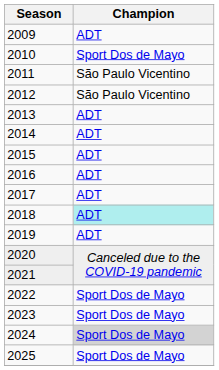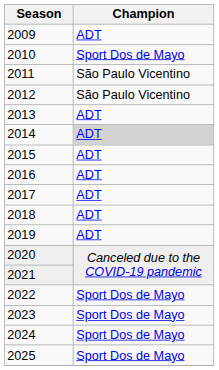 <table class="wikitable sortable">
 <tr>
 <th width=80px>Season</th>
 <th width=170px>Champion</th>
 </tr>
 <tr>
 <td>2009</td>
 <td><a href='#'>ADT</a></td>
 </tr>
 <tr>
 <td>2010</td>
 <td><a href='#'>Sport Dos de Mayo</a></td>
 </tr>
 <tr>
 <td>2011</td>
 <td>São Paulo Vicentino</td>
 </tr>
 <tr>
 <td>2012</td>
 <td>São Paulo Vicentino</td>
 </tr>
 <tr>
 <td>2013</td>
 <td><a href='#'>ADT</a></td>
 </tr>
 <tr>
 <td>2014</td>
-<td><a href='#'>ADT</a></td>
+<td style="background: lightgrey;"><a href='#'>ADT</a></td>
 </tr>
 <tr>
 <td>2015</td>
 <td><a href='#'>ADT</a></td>
 </tr>
 <tr>
 <td>2016</td>
 <td><a href='#'>ADT</a></td>
 </tr>
 <tr>
 <td>2017</td>
 <td><a href='#'>ADT</a></td>
 </tr>
 <tr>
 <td>2018</td>
-<td style="background: paleturquoise;"><a href='#'>ADT</a></td>
+<td><a href='#'>ADT</a></td>
 </tr>
 <tr>
 <td>2019</td>
 <td><a href='#'>ADT</a></td>
 </tr>
 <tr bgcolor=#efefef>
 <td>2020</td>
 <td rowspan=2 colspan="1" align=center><em>Canceled due to the <a href='#'>COVID-19 pandemic</a></em></td>
 </tr>
 <tr bgcolor=#efefef>
 <td>2021</td>
 </tr>
 <tr>
 <td>2022</td>
 <td><a href='#'>Sport Dos de Mayo</a></td>
 </tr>
 <tr>
 <td>2023</td>
 <td><a href='#'>Sport Dos de Mayo</a></td>
 </tr>
 <tr>
 <td>2024</td>
-<td style="background: lightgrey;"><a href='#'>Sport Dos de Mayo</a></td>
+<td><a href='#'>Sport Dos de Mayo</a></td>
 </tr>
 <tr>
 <td>2025</td>
 <td><a href='#'>Sport Dos de Mayo</a></td>
 </tr>
 <tr>
 </tr>
 </table>
